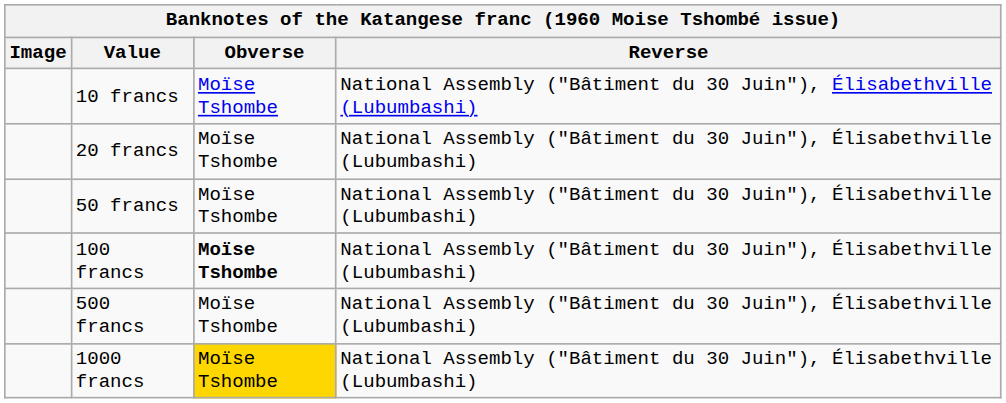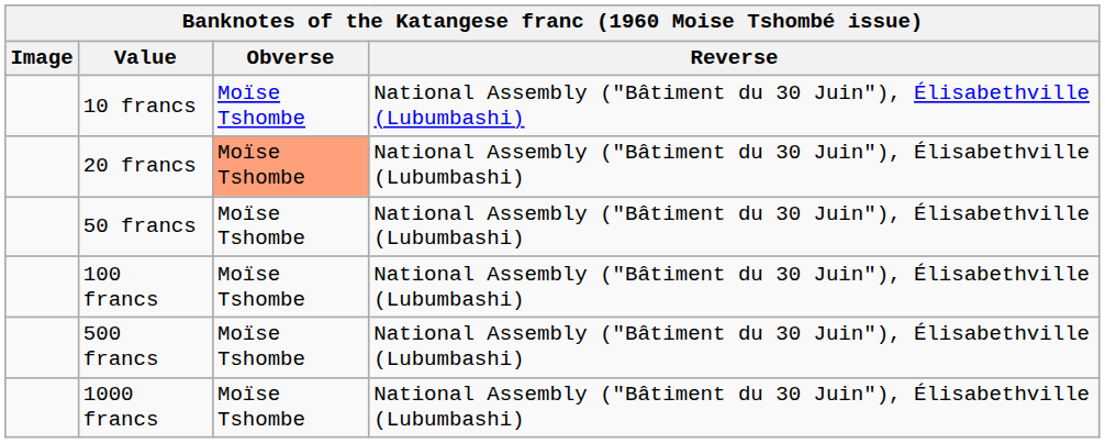 <table class="wikitable" style="font-size: 90%">
 <tr>
 <th colspan="5">Banknotes of the Katangese franc (1960 Moise Tshombé issue)</th>
 </tr>
 <tr>
 <th>Image</th>
 <th>Value</th>
 <th>Obverse</th>
 <th>Reverse</th>
 </tr>
 <tr>
 <td></td>
 <td>10 francs</td>
 <td><a href='#'>Moïse Tshombe</a></td>
 <td>National Assembly ("Bâtiment du 30 Juin"), <a href='#'>Élisabethville (Lubumbashi)</a></td>
 </tr>
 <tr>
 <td></td>
 <td>20 francs</td>
-<td>Moïse Tshombe</td>
+<td style="background: lightsalmon;">Moïse Tshombe</td>
 <td>National Assembly ("Bâtiment du 30 Juin"), Élisabethville (Lubumbashi)</td>
 </tr>
 <tr>
 <td></td>
 <td>50 francs</td>
 <td>Moïse Tshombe</td>
 <td>National Assembly ("Bâtiment du 30 Juin"), Élisabethville (Lubumbashi)</td>
 </tr>
 <tr>
 <td></td>
 <td>100 francs</td>
-<td><strong>Moïse Tshombe</strong></td>
+<td>Moïse Tshombe</td>
 <td>National Assembly ("Bâtiment du 30 Juin"), Élisabethville (Lubumbashi)</td>
 </tr>
 <tr>
 <td></td>
 <td>500 francs</td>
 <td>Moïse Tshombe</td>
 <td>National Assembly ("Bâtiment du 30 Juin"), Élisabethville (Lubumbashi)</td>
 </tr>
 <tr>
 <td></td>
 <td>1000 francs</td>
-<td style="background: gold;">Moïse Tshombe</td>
+<td>Moïse Tshombe</td>
 <td>National Assembly ("Bâtiment du 30 Juin"), Élisabethville (Lubumbashi)</td>
 </tr>
 </table>
